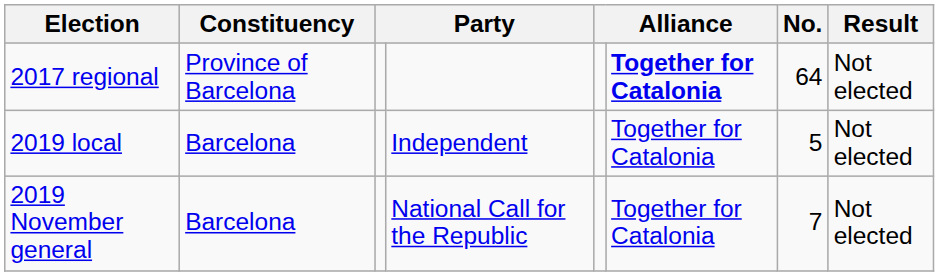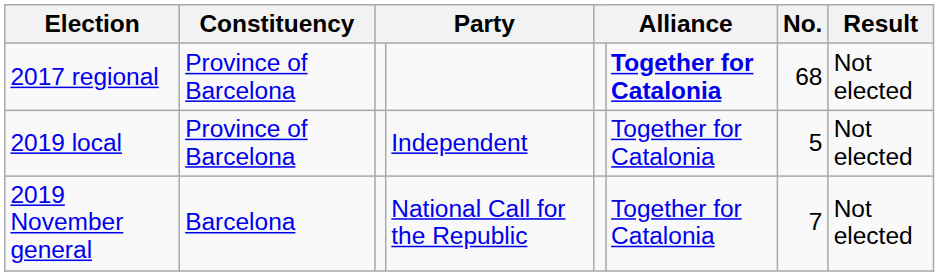 <table class="wikitable" style="text-align:left;">
 <tr>
 <th scope=col>Election</th>
 <th scope=col>Constituency</th>
 <th scope=col colspan="2">Party</th>
 <th scope=col colspan="2">Alliance</th>
 <th scope=col>No.</th>
 <th scope=col>Result</th>
 </tr>
 <tr>
 <td><a href='#'>2017 regional</a></td>
 <td><a href='#'>Province of Barcelona</a></td>
 <td></td>
 <td></td>
 <td style="background:"></td>
 <td><strong><a href='#'>Together for Catalonia</a></strong></td>
-<td align=right>64</td>
+<td align=right>68</td>
 <td>Not elected</td>
 </tr>
 <tr>
 <td><a href='#'>2019 local</a></td>
-<td><a href='#'>Barcelona</a></td>
+<td><a href='#'>Province of Barcelona</a></td>
 <td style="background:"></td>
 <td><a href='#'>Independent</a></td>
 <td style="background:"></td>
 <td><a href='#'>Together for Catalonia</a></td>
 <td align=right>5</td>
 <td>Not elected</td>
 </tr>
 <tr>
 <td><a href='#'>2019 November general</a></td>
 <td><a href='#'>Barcelona</a></td>
 <td style="background:"></td>
 <td><a href='#'>National Call for the Republic</a></td>
 <td style="background:"></td>
 <td><a href='#'>Together for Catalonia</a></td>
 <td align=right>7</td>
 <td>Not elected</td>
 </tr>
 </table>
